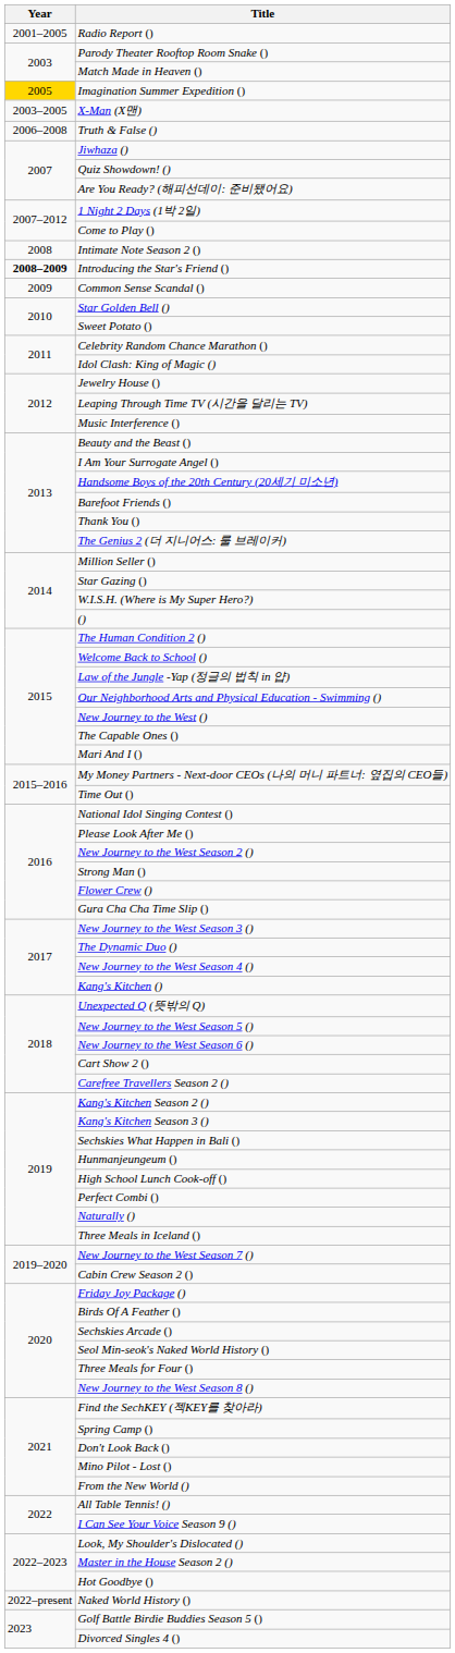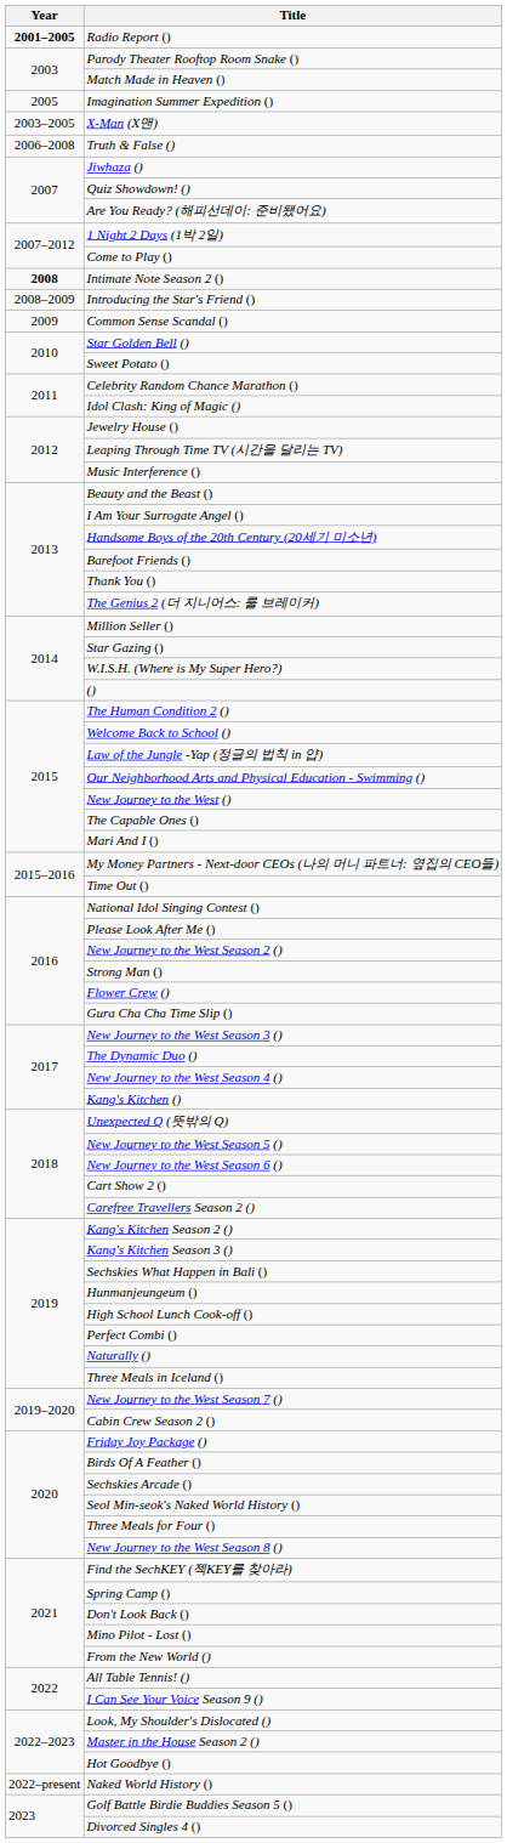 <table class="wikitable sortable">
 <tr>
 <th>Year</th>
 <th>Title</th>
 </tr>
 <tr>
-<td style="text-align:center;">2001–2005</td>
+<td style="text-align:center;"><strong>2001–2005</strong></td>
 <td><em>Radio Report</em> ()</td>
 </tr>
 <tr>
 <td rowspan="2" style="text-align:center;">2003</td>
 <td><em>Parody Theater Rooftop Room Snake</em> ()</td>
 </tr>
 <tr>
 <td><em>Match Made in Heaven</em> ()</td>
 </tr>
 <tr>
-<td style="background: gold; text-align:center;">2005</td>
+<td style="text-align:center;">2005</td>
 <td><em>Imagination Summer Expedition</em> ()</td>
 </tr>
 <tr>
 <td style="text-align:center;">2003–2005</td>
 <td><em><a href='#'>X-Man</a> (X맨)</em></td>
 </tr>
 <tr>
 <td style="text-align:center;">2006–2008</td>
 <td><em>Truth & False ()</em></td>
 </tr>
 <tr>
 <td rowspan="3"  style="text-align:center;">2007</td>
 <td><em><a href='#'>Jiwhaza</a> ()</em></td>
 </tr>
 <tr>
 <td><em>Quiz Showdown! ()</em></td>
 </tr>
 <tr>
 <td><em>Are You Ready? (해피선데이: 준비됐어요)</em></td>
 </tr>
 <tr>
 <td rowspan="2"  style="text-align:center;">2007–2012</td>
 <td><em><a href='#'>1 Night 2 Days</a> (1박 2일)</em></td>
 </tr>
 <tr>
 <td><em>Come to Play</em> ()</td>
 </tr>
 <tr>
-<td style="text-align:center;">2008</td>
+<td style="text-align:center;"><strong>2008</strong></td>
 <td><em>Intimate Note Season 2</em> ()</td>
 </tr>
 <tr>
-<td style="text-align:center;"><strong>2008–2009</strong></td>
+<td style="text-align:center;">2008–2009</td>
 <td><em>Introducing the Star's Friend</em> ()</td>
 </tr>
 <tr>
 <td style="text-align:center;">2009</td>
 <td><em>Common Sense Scandal</em> ()</td>
 </tr>
 <tr>
 <td rowspan="2" style="text-align:center;">2010</td>
 <td><em><a href='#'>Star Golden Bell</a> ()</em></td>
 </tr>
 <tr>
 <td><em>Sweet Potato</em> ()</td>
 </tr>
 <tr>
 <td rowspan="2"  style="text-align:center;">2011</td>
 <td><em>Celebrity Random Chance Marathon</em> ()</td>
 </tr>
 <tr>
 <td><em>Idol Clash: King of Magic ()</em></td>
 </tr>
 <tr>
 <td rowspan="3" style="text-align:center;">2012</td>
 <td><em>Jewelry House</em> ()</td>
 </tr>
 <tr>
 <td><em>Leaping Through Time TV (시간을 달리는 TV)</em></td>
 </tr>
 <tr>
 <td><em>Music Interference</em> ()</td>
 </tr>
 <tr>
 <td rowspan="6"  style="text-align:center;">2013</td>
 <td><em>Beauty and the Beast</em> ()</td>
 </tr>
 <tr>
 <td><em>I Am Your Surrogate Angel</em> ()</td>
 </tr>
 <tr>
 <td><em><a href='#'>Handsome Boys of the 20th Century (20세기 미소년)</a></em></td>
 </tr>
 <tr>
 <td><em>Barefoot Friends</em> ()</td>
 </tr>
 <tr>
 <td><em>Thank You</em> ()</td>
 </tr>
 <tr>
 <td><em><a href='#'>The Genius 2</a> (더 지니어스: 룰 브레이커)</em></td>
 </tr>
 <tr>
 <td rowspan="4"  style="text-align:center;">2014</td>
 <td><em>Million Seller</em> ()</td>
 </tr>
 <tr>
 <td><em>Star Gazing</em> ()</td>
 </tr>
 <tr>
 <td><em>W.I.S.H. (Where is My Super Hero?)</em></td>
 </tr>
 <tr>
 <td><em> ()</em></td>
 </tr>
 <tr>
 <td rowspan="7"  style="text-align:center;">2015</td>
 <td><em><a href='#'>The Human Condition 2</a> ()</em></td>
 </tr>
 <tr>
 <td><em><a href='#'>Welcome Back to School</a> ()</em></td>
 </tr>
 <tr>
 <td><em><a href='#'>Law of the Jungle</a> -Yap (정글의 법칙 in 얍)</em></td>
 </tr>
 <tr>
 <td><em><a href='#'>Our Neighborhood Arts and Physical Education - Swimming</a> ()</em></td>
 </tr>
 <tr>
 <td><em><a href='#'>New Journey to the West</a> ()</em></td>
 </tr>
 <tr>
 <td><em>The Capable Ones</em> ()</td>
 </tr>
 <tr>
 <td><em>Mari And I</em> ()</td>
 </tr>
 <tr>
 <td rowspan="2"  style="text-align:center;">2015–2016</td>
 <td><em>My Money Partners - Next-door CEOs (나의 머니 파트너: 옆집의 CEO들)</em></td>
 </tr>
 <tr>
 <td><em>Time Out</em> ()</td>
 </tr>
 <tr>
 <td rowspan="6"  style="text-align:center;">2016</td>
 <td><em>National Idol Singing Contest</em> ()</td>
 </tr>
 <tr>
 <td><em>Please Look After Me</em> ()</td>
 </tr>
 <tr>
 <td><em><a href='#'>New Journey to the West Season 2</a> ()</em></td>
 </tr>
 <tr>
 <td><em>Strong Man</em> ()</td>
 </tr>
 <tr>
 <td><em><a href='#'>Flower Crew</a> ()</em></td>
 </tr>
 <tr>
 <td><em>Gura Cha Cha Time Slip</em> ()</td>
 </tr>
 <tr>
 <td rowspan="4" style="text-align:center;">2017</td>
 <td><em><a href='#'>New Journey to the West Season 3</a> ()</em></td>
 </tr>
 <tr>
 <td><em><a href='#'>The Dynamic Duo</a> ()</em></td>
 </tr>
 <tr>
 <td><em><a href='#'>New Journey to the West Season 4</a> ()</em></td>
 </tr>
 <tr>
 <td><em><a href='#'>Kang's Kitchen</a> ()</em></td>
 </tr>
 <tr>
 <td rowspan="5"  style="text-align:center;">2018</td>
 <td><em><a href='#'>Unexpected Q</a> (뜻밖의 Q)</em></td>
 </tr>
 <tr>
 <td><em><a href='#'>New Journey to the West Season 5</a> ()</em></td>
 </tr>
 <tr>
 <td><em><a href='#'>New Journey to the West Season 6</a> ()</em></td>
 </tr>
 <tr>
 <td><em>Cart Show 2</em> ()</td>
 </tr>
 <tr>
 <td><em><a href='#'>Carefree Travellers</a> Season 2 ()</em></td>
 </tr>
 <tr>
 <td rowspan="8" style="text-align:center;">2019</td>
 <td><em><a href='#'>Kang's Kitchen</a> Season 2 ()</em></td>
 </tr>
 <tr>
 <td><em><a href='#'>Kang's Kitchen</a> Season 3 ()</em></td>
 </tr>
 <tr>
 <td><em>Sechskies What Happen in Bali</em> ()</td>
 </tr>
 <tr>
 <td><em>Hunmanjeungeum</em> ()</td>
 </tr>
 <tr>
 <td><em>High School Lunch Cook-off</em> ()</td>
 </tr>
 <tr>
 <td><em>Perfect Combi</em> ()</td>
 </tr>
 <tr>
 <td><em><a href='#'>Naturally</a> ()</em></td>
 </tr>
 <tr>
 <td><em>Three Meals in Iceland</em> ()</td>
 </tr>
 <tr>
 <td rowspan="2"  style="text-align:center;">2019–2020</td>
 <td><em><a href='#'>New Journey to the West Season 7</a> ()</em></td>
 </tr>
 <tr>
 <td><em>Cabin Crew Season 2</em> ()</td>
 </tr>
 <tr>
 <td rowspan="6" style="text-align:center;">2020</td>
 <td><em><a href='#'>Friday Joy Package</a> ()</em></td>
 </tr>
 <tr>
 <td><em>Birds Of A Feather</em> ()</td>
 </tr>
 <tr>
 <td><em>Sechskies Arcade</em> ()</td>
 </tr>
 <tr>
 <td><em>Seol Min-seok's Naked World History</em> ()</td>
 </tr>
 <tr>
 <td><em>Three Meals for Four</em> ()</td>
 </tr>
 <tr>
 <td><em><a href='#'>New Journey to the West Season 8</a> ()</em></td>
 </tr>
 <tr>
 <td rowspan="5"  style="text-align:center;">2021</td>
 <td><em>Find the SechKEY (젝KEY를 찾아라)</em></td>
 </tr>
 <tr>
 <td><em>Spring Camp</em> ()</td>
 </tr>
 <tr>
 <td><em>Don't Look Back</em> ()</td>
 </tr>
 <tr>
 <td><em>Mino Pilot - Lost</em> ()</td>
 </tr>
 <tr>
 <td><em>From the New World ()</em></td>
 </tr>
 <tr>
 <td rowspan="2" style="text-align:center;">2022</td>
 <td><em>All Table Tennis!  ()</em></td>
 </tr>
 <tr>
 <td><em><a href='#'>I Can See Your Voice</a> Season 9 ()</em></td>
 </tr>
 <tr>
 <td rowspan="3"  style="text-align:center;">2022–2023</td>
 <td><em>Look, My Shoulder's Dislocated  ()</em></td>
 </tr>
 <tr>
 <td><em><a href='#'>Master in the House</a> Season 2 ()</em></td>
 </tr>
 <tr>
 <td><em>Hot Goodbye</em> ()</td>
 </tr>
 <tr>
 <td>2022–present</td>
 <td><em>Naked World History</em> ()</td>
 </tr>
 <tr>
 <td rowspan=2>2023</td>
 <td><em>Golf Battle Birdie Buddies Season 5</em> ()</td>
 </tr>
 <tr>
 <td><em>Divorced Singles 4</em> ()</td>
 </tr>
 </table>
